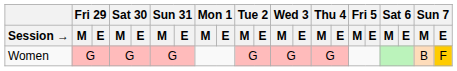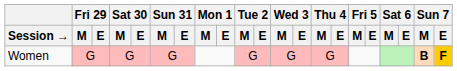 <table class="wikitable" style="margin:0.5em auto; font-size:90%; line-height:1.25em; text-align:center;">
 <tr style="text-align:center;">
 <th></th>
 <th colspan=2>Fri 29</th>
 <th colspan=2>Sat 30</th>
 <th colspan=2>Sun 31</th>
 <th colspan=2>Mon 1</th>
 <th colspan=2>Tue 2</th>
 <th colspan=2>Wed 3</th>
 <th colspan=2>Thu 4</th>
 <th colspan=2>Fri 5</th>
 <th colspan=2>Sat 6</th>
 <th colspan=2>Sun 7</th>
 </tr>
 <tr>
 <th>Session →</th>
 <th>M</th>
 <th>E</th>
 <th>M</th>
 <th>E</th>
 <th>M</th>
 <th>E</th>
 <th>M</th>
 <th>E</th>
 <th>M</th>
 <th>E</th>
 <th>M</th>
 <th>E</th>
 <th>M</th>
 <th>E</th>
 <th>M</th>
 <th>E</th>
 <th>M</th>
 <th>E</th>
 <th>M</th>
 <th>E</th>
 </tr>
 <tr>
 <td style="text-align:left;">Women</td>
 <td colspan="2" style="background-color:#FFBBBB;">G</td>
 <td colspan="2" style="background-color:#FFBBBB;">G</td>
 <td colspan="2" style="background-color:#FFBBBB;">G</td>
 <td colspan=2></td>
 <td colspan="2" style="background-color:#FFBBBB;">G</td>
 <td colspan="2" style="background-color:#FFBBBB;">G</td>
 <td colspan="2" style="background-color:#FFBBBB;">G</td>
 <td colspan=2></td>
 <td colspan="2" style="background-color:#BBF3BB;"></td>
-<td style="background-color:#FEDCBA;">B</td>
-<td style="background-color:#FFCC00;">F</td>
+<td style="background-color:#FEDCBA;"><strong>B</strong></td>
+<td style="background-color:#FFCC00;"><strong>F</strong></td>
 </tr>
 </table>
